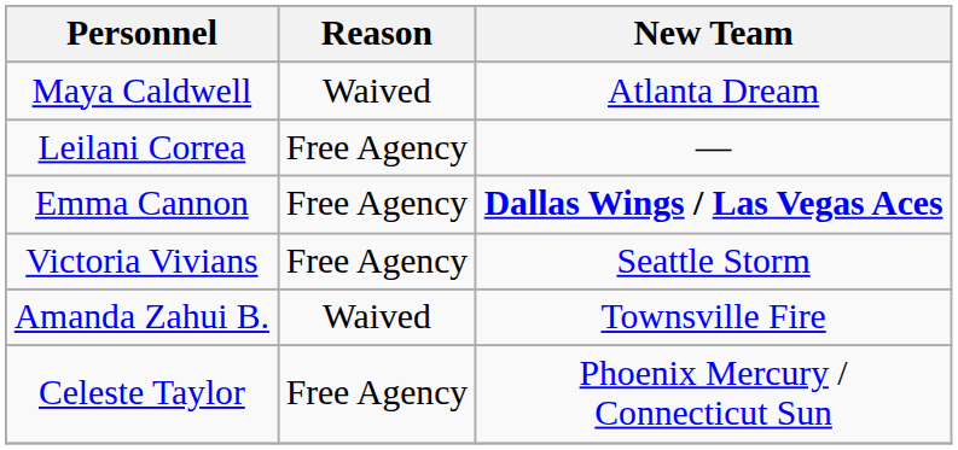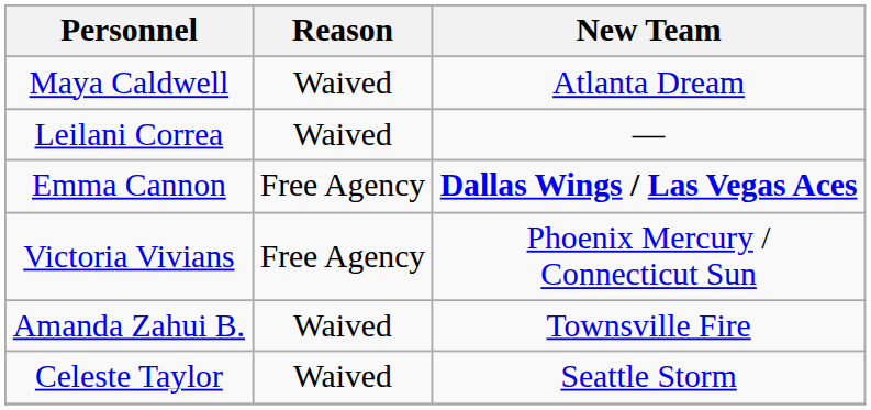 <table class="wikitable" style="text-align: center">
 <tr align="center"  bgcolor="#dddddd">
 <th><strong>Personnel</strong></th>
 <th><strong>Reason</strong></th>
 <th><strong>New Team</strong></th>
 </tr>
 <tr>
 <td><a href='#'>Maya Caldwell</a></td>
 <td>Waived</td>
 <td><a href='#'>Atlanta Dream</a></td>
 </tr>
 <tr>
 <td><a href='#'>Leilani Correa</a></td>
-<td>Free Agency</td>
+<td>Waived</td>
 <td>—</td>
 </tr>
 <tr>
 <td><a href='#'>Emma Cannon</a></td>
 <td>Free Agency</td>
 <td><strong><a href='#'>Dallas Wings</a> / <a href='#'>Las Vegas Aces</a></strong></td>
 </tr>
 <tr>
 <td><a href='#'>Victoria Vivians</a></td>
 <td>Free Agency</td>
-<td><a href='#'>Seattle Storm</a></td>
+<td><a href='#'>Phoenix Mercury</a> /<br><a href='#'>Connecticut Sun</a></td>
 </tr>
 <tr>
 <td><a href='#'>Amanda Zahui B.</a></td>
 <td>Waived</td>
 <td><a href='#'>Townsville Fire</a></td>
 </tr>
 <tr>
 <td><a href='#'>Celeste Taylor</a></td>
-<td>Free Agency</td>
-<td><a href='#'>Phoenix Mercury</a> /<br><a href='#'>Connecticut Sun</a></td>
+<td>Waived</td>
+<td><a href='#'>Seattle Storm</a></td>
 </tr>
 <tr>
 </tr>
 </table>
